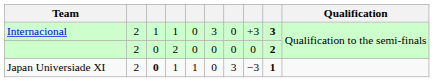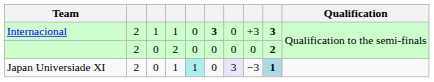 <table class="wikitable" style="text-align:center;">
 <tr>
 <th width=165>Team</th>
 <th width=20></th>
 <th width=20></th>
 <th width=20></th>
 <th width=20></th>
 <th width=20></th>
 <th width=20></th>
 <th width=20></th>
 <th width=20></th>
 <th>Qualification</th>
 </tr>
 <tr style="background:#cfc;">
 <td align="left"> <a href='#'>Internacional</a></td>
 <td>2</td>
 <td>1</td>
 <td>1</td>
 <td>0</td>
-<td>3</td>
+<td><strong>3</strong></td>
 <td>0</td>
 <td>+3</td>
 <td><strong>3</strong></td>
 <td rowspan="2">Qualification to the semi-finals</td>
 </tr>
 <tr style="background:#cfc;">
 <td align="left"></td>
 <td>2</td>
 <td>0</td>
 <td>2</td>
 <td>0</td>
 <td>0</td>
 <td>0</td>
 <td>0</td>
 <td><strong>2</strong></td>
 </tr>
 <tr>
 <td align="left"> Japan Universiade XI</td>
 <td>2</td>
-<td><strong>0</strong></td>
+<td>0</td>
 <td>1</td>
-<td>1</td>
+<td style="background: paleturquoise;">1</td>
 <td>0</td>
-<td>3</td>
+<td style="background: lavender;">3</td>
 <td>−3</td>
-<td><strong>1</strong></td>
+<td style="background: lightblue;"><strong>1</strong></td>
 <td></td>
 </tr>
 </table>
